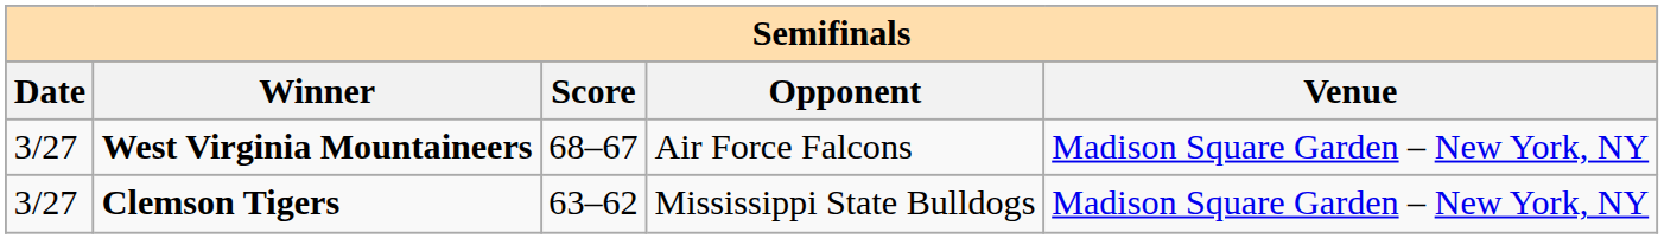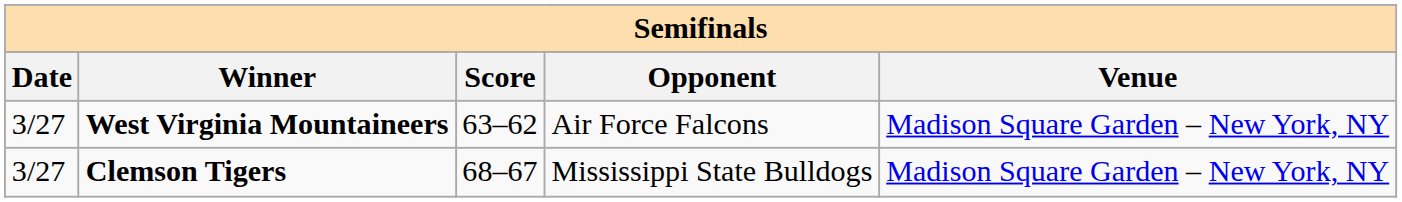 <table class="wikitable">
 <tr>
 <th colspan="5" style="background:#ffdead;">Semifinals</th>
 </tr>
 <tr>
 <th>Date</th>
 <th>Winner</th>
 <th>Score</th>
 <th>Opponent</th>
 <th>Venue</th>
 </tr>
 <tr>
 <td>3/27</td>
 <td><strong>West Virginia Mountaineers</strong></td>
-<td>68–67</td>
+<td>63–62</td>
 <td>Air Force Falcons</td>
 <td><a href='#'>Madison Square Garden</a> – <a href='#'>New York, NY</a></td>
 </tr>
 <tr>
 <td>3/27</td>
 <td><strong>Clemson Tigers</strong></td>
-<td>63–62</td>
+<td>68–67</td>
 <td>Mississippi State Bulldogs</td>
 <td><a href='#'>Madison Square Garden</a> – <a href='#'>New York, NY</a></td>
 </tr>
 </table>
